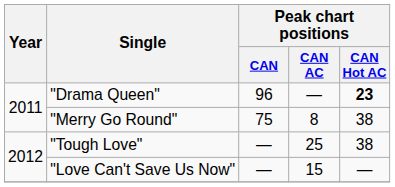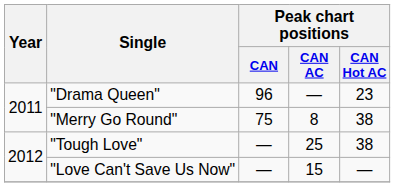 <table class="wikitable" style="text-align:center;">
 <tr>
 <th rowspan="2">Year</th>
 <th rowspan="2">Single</th>
 <th colspan="4">Peak chart positions</th>
 </tr>
 <tr style="font-size:smaller;">
 <th width="45"><a href='#'>CAN</a><br></th>
 <th width="45"><a href='#'>CAN AC</a><br></th>
 <th width="45"><a href='#'>CAN Hot AC</a><br></th>
 </tr>
 <tr>
 <td rowspan="2">2011</td>
 <td align="left">"Drama Queen"</td>
 <td>96</td>
 <td>—</td>
-<td><strong>23</strong></td>
+<td>23</td>
 </tr>
 <tr>
 <td align="left">"Merry Go Round"</td>
 <td>75</td>
 <td>8</td>
 <td>38</td>
 </tr>
 <tr>
 <td rowspan="2">2012</td>
 <td align="left">"Tough Love"</td>
 <td>—</td>
 <td>25</td>
 <td>38</td>
 </tr>
 <tr>
 <td align="left">"Love Can't Save Us Now"</td>
 <td>—</td>
 <td>15</td>
 <td>—</td>
 </tr>
 <tr>
 </tr>
 </table>
